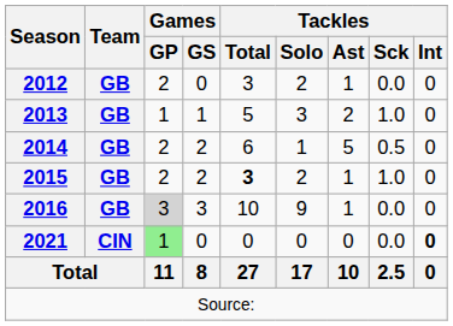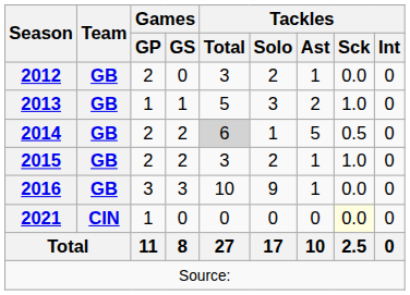 <table class=wikitable style="text-align:center;">
 <tr>
 <th rowspan=2>Season</th>
 <th rowspan=2>Team</th>
 <th colspan=2>Games</th>
 <th colspan=5>Tackles</th>
 </tr>
 <tr>
 <th>GP</th>
 <th>GS</th>
 <th>Total</th>
 <th>Solo</th>
 <th>Ast</th>
 <th>Sck</th>
 <th>Int</th>
 </tr>
 <tr>
 <th><a href='#'>2012</a></th>
 <th><a href='#'>GB</a></th>
 <td>2</td>
 <td>0</td>
 <td>3</td>
 <td>2</td>
 <td>1</td>
 <td>0.0</td>
 <td>0</td>
 </tr>
 <tr>
 <th><a href='#'>2013</a></th>
 <th><a href='#'>GB</a></th>
 <td>1</td>
 <td>1</td>
 <td>5</td>
 <td>3</td>
 <td>2</td>
 <td>1.0</td>
 <td>0</td>
 </tr>
 <tr>
 <th><a href='#'>2014</a></th>
 <th><a href='#'>GB</a></th>
 <td>2</td>
 <td>2</td>
-<td>6</td>
+<td style="background: lightgrey;">6</td>
 <td>1</td>
 <td>5</td>
 <td>0.5</td>
 <td>0</td>
 </tr>
 <tr>
 <th><a href='#'>2015</a></th>
 <th><a href='#'>GB</a></th>
 <td>2</td>
 <td>2</td>
-<td><strong>3</strong></td>
+<td>3</td>
 <td>2</td>
 <td>1</td>
 <td>1.0</td>
 <td>0</td>
 </tr>
 <tr>
 <th><a href='#'>2016</a></th>
 <th><a href='#'>GB</a></th>
-<td style="background: lightgrey;">3</td>
+<td>3</td>
 <td>3</td>
 <td>10</td>
 <td>9</td>
 <td>1</td>
 <td>0.0</td>
 <td>0</td>
 </tr>
 <tr>
 <th><a href='#'>2021</a></th>
 <th><a href='#'>CIN</a></th>
-<td style="background: lightgreen;">1</td>
+<td>1</td>
 <td>0</td>
 <td>0</td>
 <td>0</td>
 <td>0</td>
-<td>0.0</td>
-<td><strong>0</strong></td>
+<td style="background: lightyellow;">0.0</td>
+<td>0</td>
 </tr>
 <tr>
 <th colspan="2">Total</th>
 <th>11</th>
 <th>8</th>
 <th>27</th>
 <th>17</th>
 <th>10</th>
 <th>2.5</th>
 <th>0</th>
 </tr>
 <tr>
 <td colspan="9"><small>Source: </small></td>
 </tr>
 </table>
